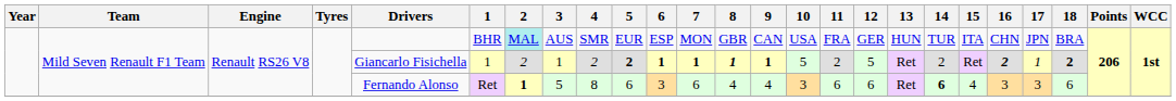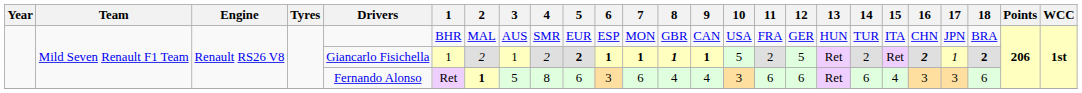 <table class="wikitable" style="text-align:center; font-size:95%">
 <tr>
 <th>Year</th>
 <th>Team</th>
 <th>Engine</th>
 <th>Tyres</th>
 <th>Drivers</th>
 <th>1</th>
 <th>2</th>
 <th>3</th>
 <th>4</th>
 <th>5</th>
 <th>6</th>
 <th>7</th>
 <th>8</th>
 <th>9</th>
 <th>10</th>
 <th>11</th>
 <th>12</th>
 <th>13</th>
 <th>14</th>
 <th>15</th>
 <th>16</th>
 <th>17</th>
 <th>18</th>
 <th>Points</th>
 <th>WCC</th>
 </tr>
 <tr>
 <td rowspan="3"></td>
 <td rowspan="3"><a href='#'>Mild Seven</a> <a href='#'>Renault F1 Team</a></td>
 <td rowspan="3"><a href='#'>Renault</a> <a href='#'>RS26 V8</a></td>
 <td rowspan="3"></td>
 <td></td>
 <td><a href='#'>BHR</a></td>
-<td style="background: paleturquoise;"><a href='#'>MAL</a></td>
+<td><a href='#'>MAL</a></td>
 <td><a href='#'>AUS</a></td>
 <td><a href='#'>SMR</a></td>
 <td><a href='#'>EUR</a></td>
 <td><a href='#'>ESP</a></td>
 <td><a href='#'>MON</a></td>
 <td><a href='#'>GBR</a></td>
 <td><a href='#'>CAN</a></td>
 <td><a href='#'>USA</a></td>
 <td><a href='#'>FRA</a></td>
 <td><a href='#'>GER</a></td>
 <td><a href='#'>HUN</a></td>
 <td><a href='#'>TUR</a></td>
 <td><a href='#'>ITA</a></td>
 <td><a href='#'>CHN</a></td>
 <td><a href='#'>JPN</a></td>
 <td><a href='#'>BRA</a></td>
 <td rowspan="3" style="background-color:#FFFFBF"><strong>206</strong></td>
 <td rowspan="3" style="background-color:#FFFFBF"><strong>1st</strong></td>
 </tr>
 <tr>
 <td> <a href='#'>Giancarlo Fisichella</a></td>
 <td style="background-color:#FFFFBF">1</td>
 <td style="background-color:#DFDFDF"><em>2</em></td>
 <td style="background-color:#FFFFBF">1</td>
 <td style="background-color:#DFDFDF"><em>2</em></td>
 <td style="background-color:#DFDFDF"><strong>2</strong></td>
 <td style="background-color:#FFFFBF"><strong>1</strong></td>
 <td style="background-color:#FFFFBF"><strong>1</strong></td>
 <td style="background-color:#FFFFBF"><strong><em>1</em></strong></td>
 <td style="background-color:#FFFFBF"><strong>1</strong></td>
 <td style="background-color:#DFFFDF">5</td>
 <td style="background-color:#DFDFDF">2</td>
 <td style="background-color:#DFFFDF">5</td>
 <td style="background-color:#EFCFFF">Ret</td>
 <td style="background-color:#DFDFDF">2</td>
 <td style="background-color:#EFCFFF">Ret</td>
 <td style="background-color:#DFDFDF"><strong><em>2</em></strong></td>
 <td style="background-color:#FFFFBF"><em>1</em></td>
 <td style="background-color:#DFDFDF"><strong>2</strong></td>
 </tr>
 <tr>
 <td> <a href='#'>Fernando Alonso</a></td>
 <td style="background-color:#EFCFFF">Ret</td>
 <td style="background-color:#FFFFBF"><strong>1</strong></td>
 <td style="background-color:#DFFFDF">5</td>
 <td style="background-color:#DFFFDF">8</td>
 <td style="background-color:#DFFFDF">6</td>
 <td style="background-color:#FFDF9F">3</td>
 <td style="background-color:#DFFFDF">6</td>
 <td style="background-color:#DFFFDF">4</td>
 <td style="background-color:#DFFFDF">4</td>
 <td style="background-color:#FFDF9F">3</td>
 <td style="background-color:#DFFFDF">6</td>
 <td style="background-color:#DFFFDF">6</td>
 <td style="background-color:#EFCFFF">Ret</td>
-<td style="background-color:#DFFFDF"><strong>6</strong></td>
+<td style="background-color:#DFFFDF">6</td>
 <td style="background-color:#DFFFDF">4</td>
 <td style="background-color:#FFDF9F">3</td>
 <td style="background-color:#FFDF9F">3</td>
 <td style="background-color:#DFFFDF">6</td>
 </tr>
 <tr>
 </tr>
 </table>
